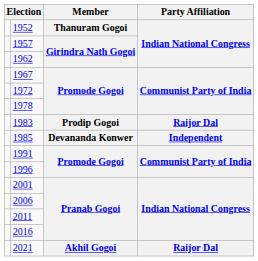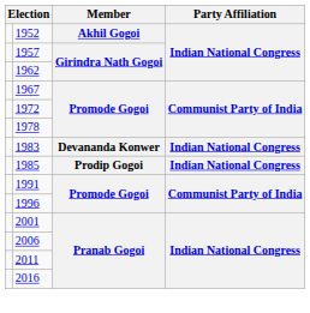 <table class="wikitable sortable">
 <tr>
 <th colspan="2">Election</th>
 <th>Member</th>
 <th>Party Affiliation</th>
 </tr>
 <tr>
 <td style="background-color: "></td>
 <td><a href='#'>1952</a></td>
-<th>Thanuram Gogoi</th>
+<th><a href='#'>Akhil Gogoi</a></th>
 <th rowspan="3"><a href='#'>Indian National Congress</a></th>
 </tr>
 <tr>
 <td style="background-color: "></td>
 <td><a href='#'>1957</a></td>
 <th rowspan="2"><a href='#'>Girindra Nath Gogoi</a></th>
 </tr>
 <tr>
 <td style="background-color: "></td>
 <td><a href='#'>1962</a></td>
 </tr>
 <tr>
 <td style="background-color: "></td>
 <td><a href='#'>1967</a></td>
 <th rowspan="3"><a href='#'>Promode Gogoi</a></th>
 <th rowspan="3"><a href='#'>Communist Party of India</a></th>
 </tr>
 <tr>
 <td style="background-color: "></td>
 <td><a href='#'>1972</a></td>
 </tr>
 <tr>
 <td style="background-color: "></td>
 <td><a href='#'>1978</a></td>
 </tr>
 <tr>
 <td style="background-color: "></td>
 <td><a href='#'>1983</a></td>
-<th>Prodip Gogoi</th>
-<th><a href='#'>Raijor Dal</a></th>
+<th>Devananda Konwer</th>
+<th><a href='#'>Indian National Congress</a></th>
 </tr>
 <tr>
 <td style="background-color: "></td>
 <td><a href='#'>1985</a></td>
-<th>Devananda Konwer</th>
-<th><a href='#'>Independent</a></th>
+<th>Prodip Gogoi</th>
+<th><a href='#'>Indian National Congress</a></th>
 </tr>
 <tr>
 <td style="background-color: "></td>
 <td><a href='#'>1991</a></td>
 <th rowspan="2"><a href='#'>Promode Gogoi</a></th>
 <th rowspan="2"><a href='#'>Communist Party of India</a></th>
 </tr>
 <tr>
 <td style="background-color: "></td>
 <td><a href='#'>1996</a></td>
 </tr>
 <tr>
 <td style="background-color: "></td>
 <td><a href='#'>2001</a></td>
 <th rowspan="4"><a href='#'>Pranab Gogoi</a></th>
 <th rowspan="4"><a href='#'>Indian National Congress</a></th>
 </tr>
 <tr>
 <td style="background-color: "></td>
 <td><a href='#'>2006</a></td>
 </tr>
 <tr>
 <td style="background-color: "></td>
 <td><a href='#'>2011</a></td>
 </tr>
 <tr>
 <td style="background-color: "></td>
 <td><a href='#'>2016</a></td>
 </tr>
-<tr>
-<td style="background-color: "></td>
-<td><a href='#'>2021</a></td>
-<th><a href='#'>Akhil Gogoi</a></th>
-<th><a href='#'>Raijor Dal</a></th>
-</tr>
 </table>
